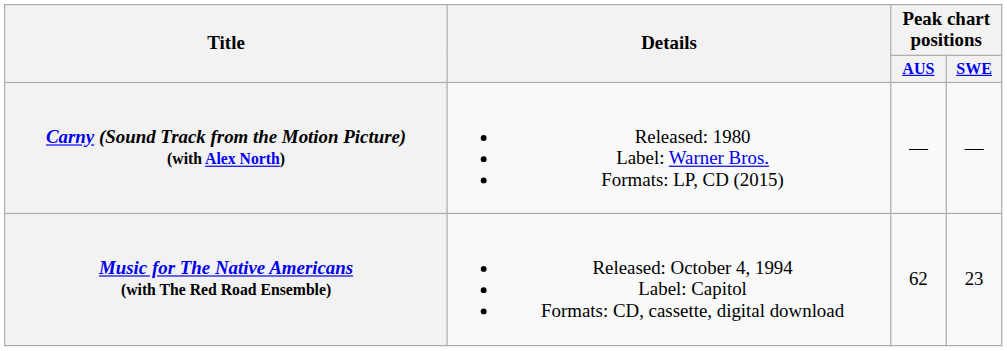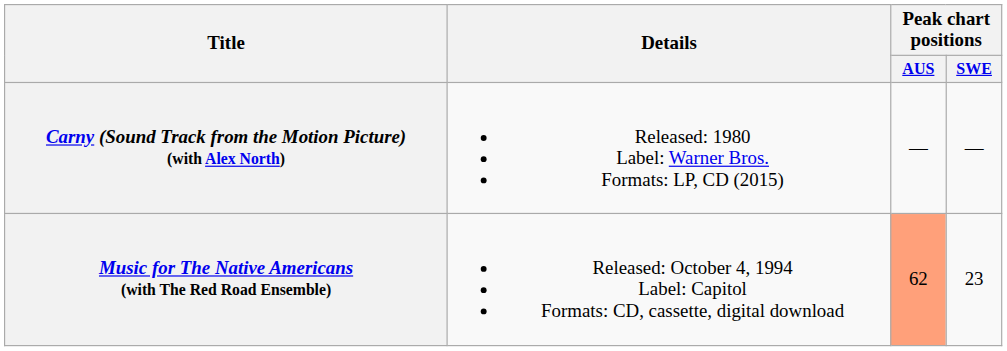 <table class="wikitable plainrowheaders" style="text-align:center;">
 <tr>
 <th scope="col" rowspan="2" style="width:23em;">Title</th>
 <th scope="col" rowspan="2" style="width:23em;">Details</th>
 <th scope="col" colspan="2">Peak chart positions</th>
 </tr>
 <tr>
 <th scope="col" style="width:3em;font-size:85%;"><a href='#'>AUS</a><br></th>
 <th scope="col" style="width:3em;font-size:85%;"><a href='#'>SWE</a><br></th>
 </tr>
 <tr>
 <th scope="row"><em><a href='#'>Carny</a> (Sound Track from the Motion Picture)</em><br><small>(with <a href='#'>Alex North</a>)</small></th>
 <td><br><ul><li>Released: 1980</li><li>Label: <a href='#'>Warner Bros.</a></li><li>Formats: LP, CD (2015)</li></ul></td>
 <td>—</td>
 <td>—</td>
 </tr>
 <tr>
 <th scope="row"><em><a href='#'>Music for The Native Americans</a></em><br><small>(with The Red Road Ensemble)</small></th>
 <td><br><ul><li>Released: October 4, 1994</li><li>Label: Capitol</li><li>Formats: CD, cassette, digital download</li></ul></td>
-<td>62</td>
+<td style="background: lightsalmon;">62</td>
 <td>23</td>
 </tr>
 </table>
